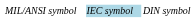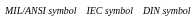 <table align=center style="text-align:center">
 <tr>
 <td></td>
 <td></td>
 <td></td>
 </tr>
 <tr>
 <td><em>MIL/ANSI symbol</em>   </td>
-<td style="background: lightblue;"><em>IEC symbol</em>   </td>
+<td><em>IEC symbol</em>   </td>
 <td><em>DIN symbol</em></td>
 </tr>
 </table>
